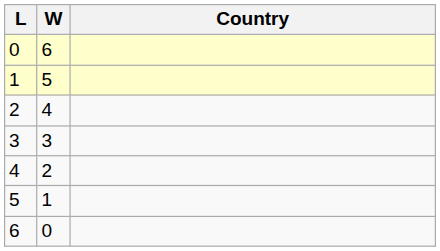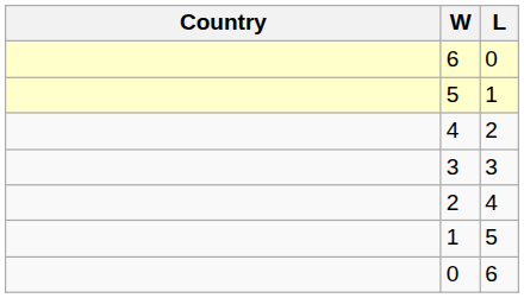 <table class="wikitable">
 <tr>
+<th bgcolor="#efefef" width="300">Country</th>
+<th bgcolor="#efefef" width="20">W</th>
 <th bgcolor="#efefef" width="20">L</th>
-<th bgcolor="#efefef" width="20">W</th>
-<th bgcolor="#efefef" width="300">Country</th>
 </tr>
 <tr bgcolor="#ffffcc">
+<td></td>
+<td>6</td>
+<td>0</td>
+</tr>
+<tr bgcolor="#ffffcc">
+<td></td>
+<td>5</td>
+<td>1</td>
+</tr>
+<tr>
+<td></td>
+<td>4</td>
+<td>2</td>
+</tr>
+<tr>
+<td></td>
+<td>3</td>
+<td>3</td>
+</tr>
+<tr>
+<td></td>
+<td>2</td>
+<td>4</td>
+</tr>
+<tr>
+<td></td>
+<td>1</td>
+<td>5</td>
+</tr>
+<tr>
+<td></td>
 <td>0</td>
 <td>6</td>
-<td></td>
-</tr>
-<tr bgcolor="#ffffcc">
-<td>1</td>
-<td>5</td>
-<td></td>
-</tr>
-<tr>
-<td>2</td>
-<td>4</td>
-<td></td>
-</tr>
-<tr>
-<td>3</td>
-<td>3</td>
-<td></td>
-</tr>
-<tr>
-<td>4</td>
-<td>2</td>
-<td></td>
-</tr>
-<tr>
-<td>5</td>
-<td>1</td>
-<td></td>
-</tr>
-<tr>
-<td>6</td>
-<td>0</td>
-<td></td>
 </tr>
 </table>
